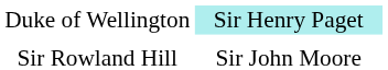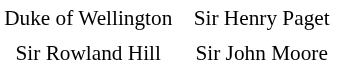 <table align="right">
 <tr>
 <td align="center" width="50%"></td>
 <td align="center" width="50%"></td>
 </tr>
 <tr>
 <td align="center">Duke of Wellington</td>
-<td align="center" style="background: paleturquoise;">Sir Henry Paget</td>
+<td align="center">Sir Henry Paget</td>
 </tr>
 <tr>
 <td align="center" width="50%"></td>
 <td align="center" width="50%"></td>
 </tr>
 <tr>
 <td align="center">Sir Rowland Hill</td>
 <td align="center">Sir John Moore</td>
 </tr>
 </table>
